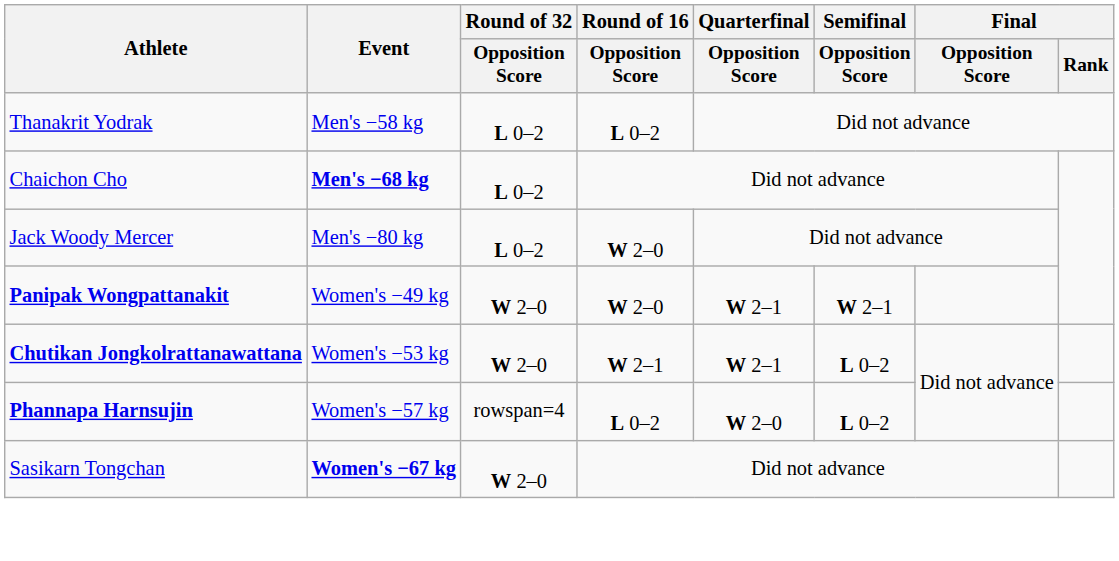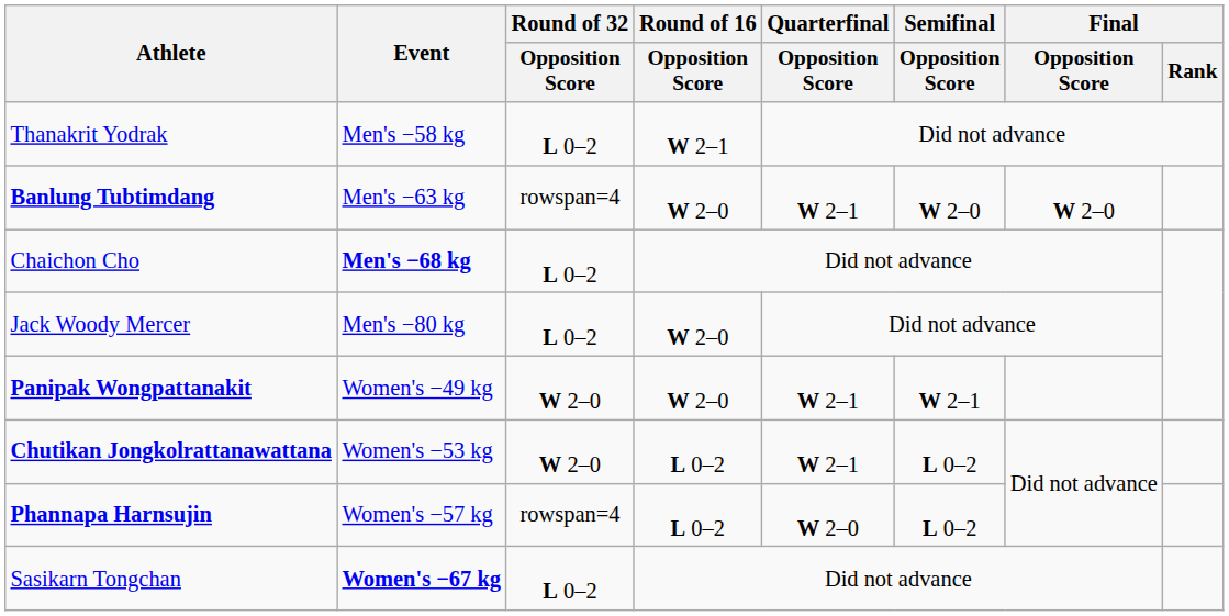 <table class=wikitable style=font-size:90%;text-align:center>
 <tr>
 <th rowspan=2>Athlete</th>
 <th rowspan=2>Event</th>
 <th>Round of 32</th>
 <th>Round of 16</th>
 <th>Quarterfinal</th>
 <th>Semifinal</th>
 <th colspan=2>Final</th>
 </tr>
 <tr style=font-size:95%>
 <th>Opposition<br>Score</th>
 <th>Opposition<br>Score</th>
 <th>Opposition<br>Score</th>
 <th>Opposition<br>Score</th>
 <th>Opposition<br>Score</th>
 <th>Rank</th>
 </tr>
 <tr>
 <td align=left><a href='#'>Thanakrit Yodrak</a></td>
 <td align=left><a href='#'>Men's −58 kg</a></td>
 <td> <br><strong>L</strong> 0–2</td>
-<td> <br><strong>L</strong> 0–2</td>
+<td> <br><strong>W</strong> 2–1</td>
 <td colspan=4>Did not advance</td>
+</tr>
+<tr>
+<td align=left><strong><a href='#'>Banlung Tubtimdang</a></strong></td>
+<td align=left><a href='#'>Men's −63 kg</a></td>
+<td>rowspan=4 </td>
+<td> <br><strong>W</strong> 2–0</td>
+<td> <br><strong>W</strong> 2–1</td>
+<td> <br><strong>W</strong> 2–0</td>
+<td> <br><strong>W</strong> 2–0</td>
+<td></td>
 </tr>
 <tr>
 <td align=left><a href='#'>Chaichon Cho</a></td>
 <td align=left><strong><a href='#'>Men's −68 kg</a></strong></td>
 <td><br><strong>L</strong> 0–2</td>
 <td colspan=4>Did not advance</td>
 </tr>
 <tr>
 <td align=left><a href='#'>Jack Woody Mercer</a></td>
 <td align=left><a href='#'>Men's −80 kg</a></td>
 <td><br><strong>L</strong> 0–2</td>
 <td> <br><strong>W</strong> 2–0</td>
 <td colspan=3>Did not advance</td>
 </tr>
 <tr>
 <td align=left><strong><a href='#'>Panipak Wongpattanakit</a></strong></td>
 <td align=left><a href='#'>Women's −49 kg</a></td>
 <td> <br><strong>W</strong> 2–0</td>
 <td> <br><strong>W</strong> 2–0</td>
 <td> <br><strong>W</strong> 2–1</td>
 <td> <br><strong>W</strong> 2–1</td>
 <td></td>
 </tr>
 <tr>
 <td align=left><strong><a href='#'>Chutikan Jongkolrattanawattana</a></strong></td>
 <td align=left><a href='#'>Women's −53 kg</a></td>
 <td> <br><strong>W</strong> 2–0</td>
-<td> <br><strong>W</strong> 2–1</td>
+<td> <br><strong>L</strong> 0–2</td>
 <td> <br><strong>W</strong> 2–1</td>
 <td> <br><strong>L</strong> 0–2</td>
 <td rowspan=2>Did not advance</td>
 <td></td>
 </tr>
 <tr>
 <td align=left><strong><a href='#'>Phannapa Harnsujin</a></strong></td>
 <td align=left><a href='#'>Women's −57 kg</a></td>
 <td>rowspan=4 </td>
 <td> <br><strong>L</strong> 0–2</td>
 <td><br><strong>W</strong> 2–0</td>
 <td> <br><strong>L</strong> 0–2</td>
 <td></td>
 </tr>
 <tr>
 <td align=left><a href='#'>Sasikarn Tongchan</a></td>
 <td align=left><strong><a href='#'>Women's −67 kg</a></strong></td>
-<td> <br><strong>W</strong> 2–0</td>
+<td> <br><strong>L</strong> 0–2</td>
 <td colspan=4>Did not advance</td>
 </tr>
 </table>
